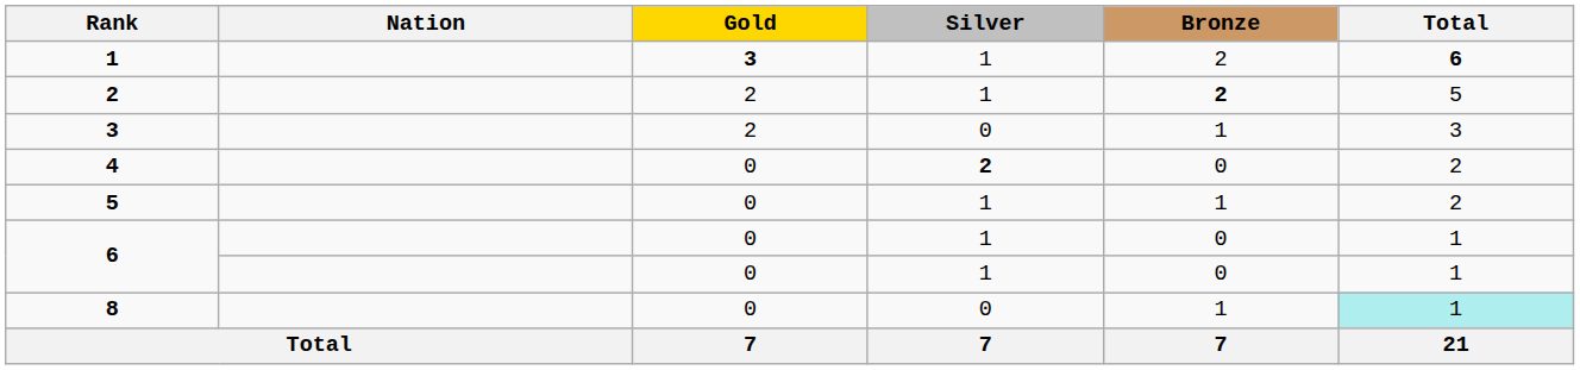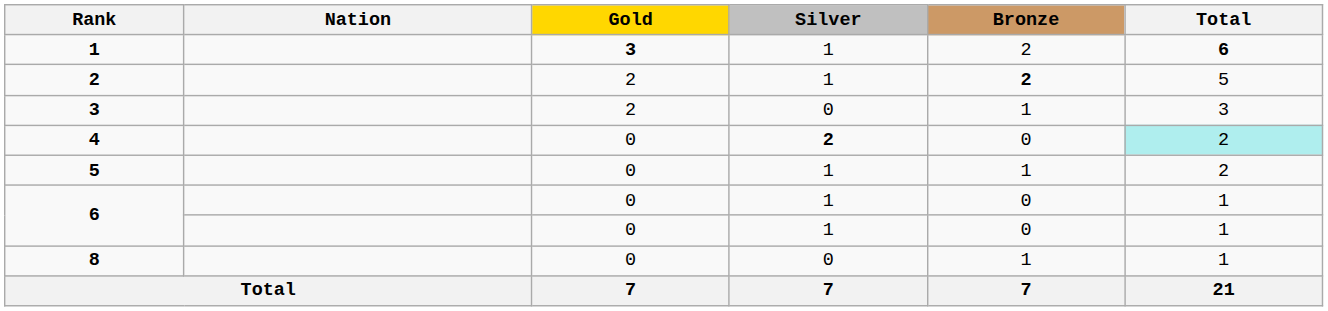 <table class="wikitable collapsible autocollapse plainrowheaders" width=73.5% style="text-align:center;">
 <tr style="background-color:#EDEDED;">
 <th width=100px class="hintergrundfarbe5">Rank</th>
 <th width=200px class="hintergrundfarbe6">Nation</th>
 <th style="background:    gold; width:15%">Gold</th>
 <th style="background:  silver; width:15%">Silver</th>
 <th style="background: #CC9966; width:15%">Bronze</th>
 <th class="hintergrundfarbe6" style="width:15%">Total</th>
 </tr>
 <tr>
 <td><strong>1</strong></td>
 <td align=left></td>
 <td><strong>3</strong></td>
 <td>1</td>
 <td>2</td>
 <td><strong>6</strong></td>
 </tr>
 <tr>
 <td><strong>2</strong></td>
 <td align=left></td>
 <td>2</td>
 <td>1</td>
 <td><strong>2</strong></td>
 <td>5</td>
 </tr>
 <tr>
 <td><strong>3</strong></td>
 <td align=left></td>
 <td>2</td>
 <td>0</td>
 <td>1</td>
 <td>3</td>
 </tr>
 <tr>
 <td><strong>4</strong></td>
 <td align=left></td>
 <td>0</td>
 <td><strong>2</strong></td>
 <td>0</td>
-<td>2</td>
+<td style="background: paleturquoise;">2</td>
 </tr>
 <tr>
 <td><strong>5</strong></td>
 <td align=left></td>
 <td>0</td>
 <td>1</td>
 <td>1</td>
 <td>2</td>
 </tr>
 <tr>
 <td rowspan=2><strong>6</strong></td>
 <td align=left></td>
 <td>0</td>
 <td>1</td>
 <td>0</td>
 <td>1</td>
 </tr>
 <tr>
 <td align=left></td>
 <td>0</td>
 <td>1</td>
 <td>0</td>
 <td>1</td>
 </tr>
 <tr>
 <td><strong>8</strong></td>
 <td align=left></td>
 <td>0</td>
 <td>0</td>
 <td>1</td>
-<td style="background: paleturquoise;">1</td>
+<td>1</td>
 </tr>
 <tr>
 <th colspan=2>Total</th>
 <th>7</th>
 <th>7</th>
 <th>7</th>
 <th>21</th>
 </tr>
 </table>
